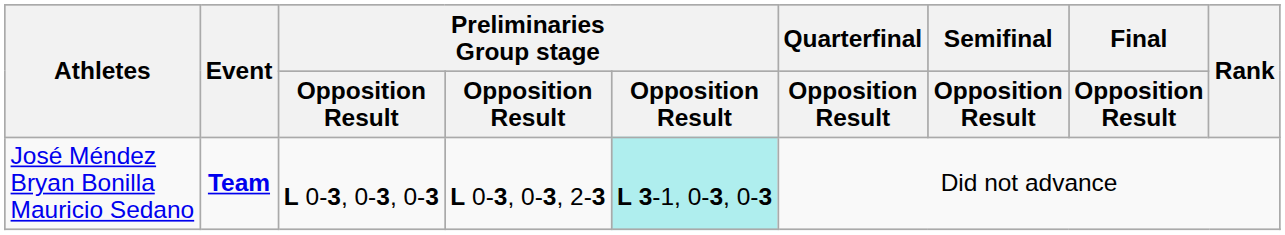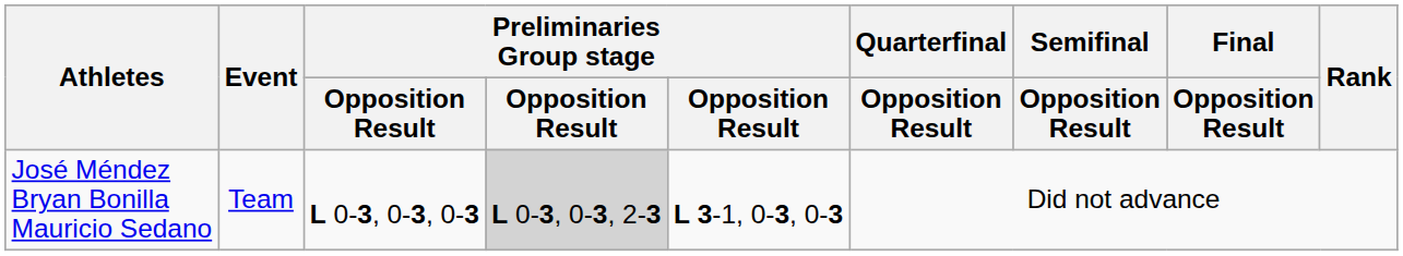 <table class="wikitable" border="1" style="font-size:90%">
 <tr>
 <th rowspan=2>Athletes</th>
 <th rowspan=2>Event</th>
 <th colspan=3>Preliminaries<br>Group stage</th>
 <th>Quarterfinal</th>
 <th>Semifinal</th>
 <th>Final</th>
 <th rowspan=2>Rank</th>
 </tr>
 <tr>
 <th>Opposition<br>Result</th>
 <th>Opposition<br>Result</th>
 <th>Opposition<br>Result</th>
 <th>Opposition<br>Result</th>
 <th>Opposition<br>Result</th>
 <th>Opposition<br>Result</th>
 </tr>
 <tr>
 <td><a href='#'>José Méndez</a><br><a href='#'>Bryan Bonilla</a><br><a href='#'>Mauricio Sedano</a></td>
-<td align=center><strong><a href='#'>Team</a></strong></td>
+<td align=center><a href='#'>Team</a></td>
 <td><br><strong>L</strong> 0-<strong>3</strong>, 0-<strong>3</strong>, 0-<strong>3</strong></td>
-<td><br><strong>L</strong> 0-<strong>3</strong>, 0-<strong>3</strong>, 2-<strong>3</strong></td>
-<td style="background: paleturquoise;"><br><strong>L</strong> <strong>3</strong>-1, 0-<strong>3</strong>, 0-<strong>3</strong></td>
+<td style="background: lightgrey;"><br><strong>L</strong> 0-<strong>3</strong>, 0-<strong>3</strong>, 2-<strong>3</strong></td>
+<td><br><strong>L</strong> <strong>3</strong>-1, 0-<strong>3</strong>, 0-<strong>3</strong></td>
 <td align="center" colspan="7">Did not advance</td>
 </tr>
 </table>
